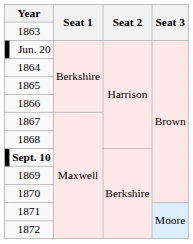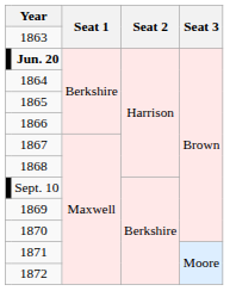 <table class="wikitable">
 <tr>
 <th colspan=2 align=center>Year</th>
 <th rowspan=2 align=center>Seat 1</th>
 <th rowspan=2 align=center>Seat 2</th>
 <th rowspan=2 align=center>Seat 3</th>
 </tr>
 <tr align=center>
 <td colspan=2>1863</td>
 </tr>
 <tr align=center>
 <td bgcolor=black></td>
-<td align=right>Jun. 20</td>
+<td align=right><strong>Jun. 20</strong></td>
 <td rowspan=4 bgcolor=#FFE8E8>Berkshire</td>
 <td rowspan=6 bgcolor=#FFE8E8>Harrison</td>
 <td rowspan=9 bgcolor=#FFE8E8>Brown</td>
 </tr>
 <tr align=center>
 <td colspan=2>1864</td>
 </tr>
 <tr align=center>
 <td colspan=2>1865</td>
 </tr>
 <tr align=center>
 <td colspan=2>1866</td>
 </tr>
 <tr align=center>
 <td colspan=2>1867</td>
 <td rowspan=7 bgcolor=#FFE8E8>Maxwell</td>
 </tr>
 <tr align=center>
 <td colspan=2>1868</td>
 </tr>
 <tr align=center>
 <td bgcolor=black></td>
-<td align=right><strong>Sept. 10</strong></td>
+<td align=right>Sept. 10</td>
 <td rowspan=5 bgcolor=#FFE8E8>Berkshire</td>
 </tr>
 <tr align=center>
 <td colspan=2>1869</td>
 </tr>
 <tr align=center>
 <td colspan=2>1870</td>
 </tr>
 <tr align=center>
 <td colspan=2>1871</td>
 <td rowspan=2 bgcolor=#DDEEFF>Moore</td>
 </tr>
 <tr align=center>
 <td colspan=2>1872</td>
 </tr>
 </table>
